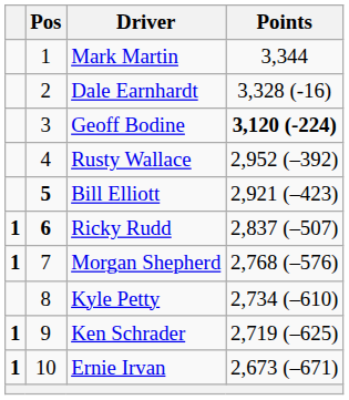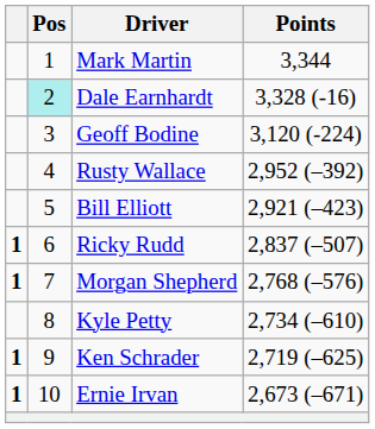 <table class="wikitable" style="font-size: 95%;">
 <tr>
 <th></th>
 <th>Pos</th>
 <th>Driver</th>
 <th>Points</th>
 </tr>
 <tr>
 <td align="left"></td>
 <td style="text-align:center;">1</td>
 <td><a href='#'>Mark Martin</a></td>
 <td style="text-align:center;">3,344</td>
 </tr>
 <tr>
 <td align="left"></td>
-<td style="text-align:center;">2</td>
+<td style="background: paleturquoise; text-align:center;">2</td>
 <td><a href='#'>Dale Earnhardt</a></td>
 <td style="text-align:center;">3,328 (-16)</td>
 </tr>
 <tr>
 <td align="left"></td>
 <td style="text-align:center;">3</td>
 <td><a href='#'>Geoff Bodine</a></td>
-<td style="text-align:center;"><strong>3,120 (-224)</strong></td>
+<td style="text-align:center;">3,120 (-224)</td>
 </tr>
 <tr>
 <td align="left"></td>
 <td style="text-align:center;">4</td>
 <td><a href='#'>Rusty Wallace</a></td>
 <td style="text-align:center;">2,952 (–392)</td>
 </tr>
 <tr>
 <td align="left"></td>
-<td style="text-align:center;"><strong>5</strong></td>
+<td style="text-align:center;">5</td>
 <td><a href='#'>Bill Elliott</a></td>
 <td style="text-align:center;">2,921 (–423)</td>
 </tr>
 <tr>
 <td align="left">  <strong>1</strong></td>
-<td style="text-align:center;"><strong>6</strong></td>
+<td style="text-align:center;">6</td>
 <td><a href='#'>Ricky Rudd</a></td>
 <td style="text-align:center;">2,837 (–507)</td>
 </tr>
 <tr>
 <td align="left">  <strong>1</strong></td>
 <td style="text-align:center;">7</td>
 <td><a href='#'>Morgan Shepherd</a></td>
 <td style="text-align:center;">2,768 (–576)</td>
 </tr>
 <tr>
 <td align="left"></td>
 <td style="text-align:center;">8</td>
 <td><a href='#'>Kyle Petty</a></td>
 <td style="text-align:center;">2,734 (–610)</td>
 </tr>
 <tr>
 <td align="left">  <strong>1</strong></td>
 <td style="text-align:center;">9</td>
 <td><a href='#'>Ken Schrader</a></td>
 <td style="text-align:center;">2,719 (–625)</td>
 </tr>
 <tr>
 <td align="left">  <strong>1</strong></td>
 <td style="text-align:center;">10</td>
 <td><a href='#'>Ernie Irvan</a></td>
 <td style="text-align:center;">2,673 (–671)</td>
 </tr>
 <tr class="sortbottom">
 <th colspan="9"></th>
 </tr>
 </table>
